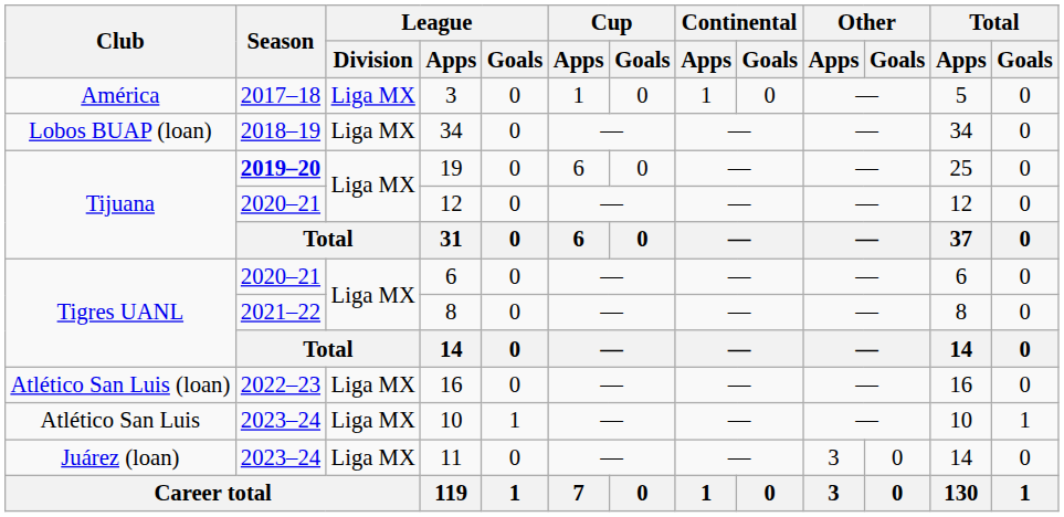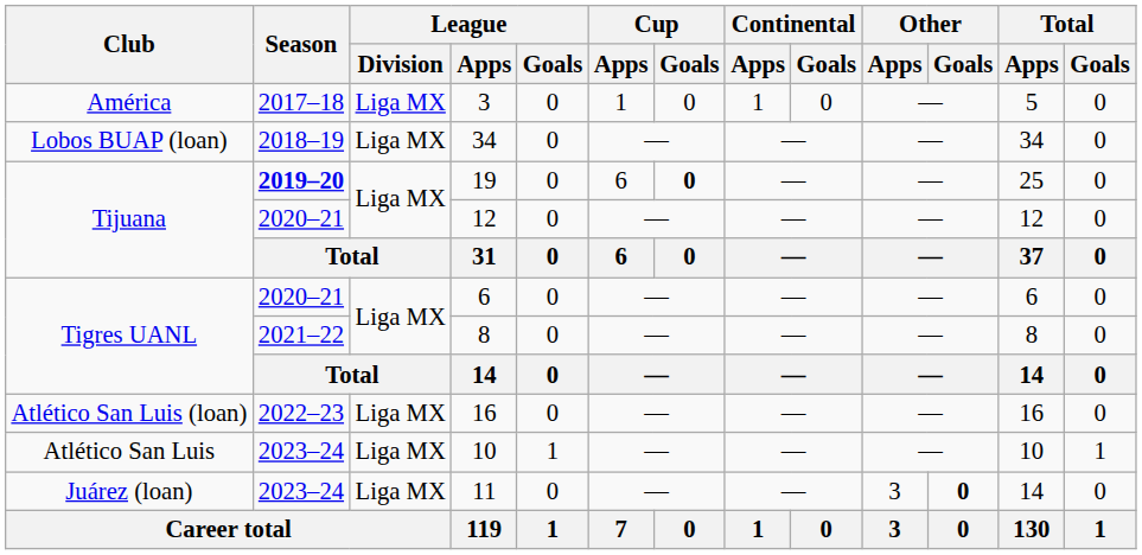 <table class="wikitable" style="text-align:center">
 <tr>
 <th rowspan="2">Club</th>
 <th rowspan="2">Season</th>
 <th colspan="3">League</th>
 <th colspan="2">Cup</th>
 <th colspan="2">Continental</th>
 <th colspan="2">Other</th>
 <th colspan="2">Total</th>
 </tr>
 <tr>
 <th>Division</th>
 <th>Apps</th>
 <th>Goals</th>
 <th>Apps</th>
 <th>Goals</th>
 <th>Apps</th>
 <th>Goals</th>
 <th>Apps</th>
 <th>Goals</th>
 <th>Apps</th>
 <th>Goals</th>
 </tr>
 <tr>
 <td><a href='#'>América</a></td>
 <td><a href='#'>2017–18</a></td>
 <td><a href='#'>Liga MX</a></td>
 <td>3</td>
 <td>0</td>
 <td>1</td>
 <td>0</td>
 <td>1</td>
 <td>0</td>
 <td colspan=2>—</td>
 <td>5</td>
 <td>0</td>
 </tr>
 <tr>
 <td><a href='#'>Lobos BUAP</a> (loan)</td>
 <td><a href='#'>2018–19</a></td>
 <td>Liga MX</td>
 <td>34</td>
 <td>0</td>
 <td colspan=2>—</td>
 <td colspan=2>—</td>
 <td colspan=2>—</td>
 <td>34</td>
 <td>0</td>
 </tr>
 <tr>
 <td rowspan="3"><a href='#'>Tijuana</a></td>
 <td><strong><a href='#'>2019–20</a></strong></td>
 <td rowspan="2">Liga MX</td>
 <td>19</td>
 <td>0</td>
 <td>6</td>
-<td>0</td>
+<td><strong>0</strong></td>
 <td colspan=2>—</td>
 <td colspan=2>—</td>
 <td>25</td>
 <td>0</td>
 </tr>
 <tr>
 <td><a href='#'>2020–21</a></td>
 <td>12</td>
 <td>0</td>
 <td colspan=2>—</td>
 <td colspan=2>—</td>
 <td colspan="2">—</td>
 <td>12</td>
 <td>0</td>
 </tr>
 <tr>
 <th colspan="2">Total</th>
 <th>31</th>
 <th>0</th>
 <th>6</th>
 <th>0</th>
 <th colspan="2">—</th>
 <th colspan="2">—</th>
 <th>37</th>
 <th>0</th>
 </tr>
 <tr>
 <td rowspan="3"><a href='#'>Tigres UANL</a></td>
 <td><a href='#'>2020–21</a></td>
 <td rowspan="2">Liga MX</td>
 <td>6</td>
 <td>0</td>
 <td colspan=2>—</td>
 <td colspan=2>—</td>
 <td colspan=2>—</td>
 <td>6</td>
 <td>0</td>
 </tr>
 <tr>
 <td><a href='#'>2021–22</a></td>
 <td>8</td>
 <td>0</td>
 <td colspan=2>—</td>
 <td colspan=2>—</td>
 <td colspan=2>—</td>
 <td>8</td>
 <td>0</td>
 </tr>
 <tr>
 <th colspan="2">Total</th>
 <th>14</th>
 <th>0</th>
 <th colspan=2>—</th>
 <th colspan=2>—</th>
 <th colspan=2>—</th>
 <th>14</th>
 <th>0</th>
 </tr>
 <tr>
 <td><a href='#'>Atlético San Luis</a> (loan)</td>
 <td><a href='#'>2022–23</a></td>
 <td>Liga MX</td>
 <td>16</td>
 <td>0</td>
 <td colspan=2>—</td>
 <td colspan=2>—</td>
 <td colspan=2>—</td>
 <td>16</td>
 <td>0</td>
 </tr>
 <tr>
 <td>Atlético San Luis</td>
 <td><a href='#'>2023–24</a></td>
 <td>Liga MX</td>
 <td>10</td>
 <td>1</td>
 <td colspan=2>—</td>
 <td colspan=2>—</td>
 <td colspan=2>—</td>
 <td>10</td>
 <td>1</td>
 </tr>
 <tr>
 <td><a href='#'>Juárez</a> (loan)</td>
 <td><a href='#'>2023–24</a></td>
 <td>Liga MX</td>
 <td>11</td>
 <td>0</td>
 <td colspan=2>—</td>
 <td colspan=2>—</td>
 <td>3</td>
-<td>0</td>
+<td><strong>0</strong></td>
 <td>14</td>
 <td>0</td>
 </tr>
 <tr>
 <th colspan="3">Career total</th>
 <th>119</th>
 <th>1</th>
 <th>7</th>
 <th>0</th>
 <th>1</th>
 <th>0</th>
 <th>3</th>
 <th>0</th>
 <th>130</th>
 <th>1</th>
 </tr>
 </table>
